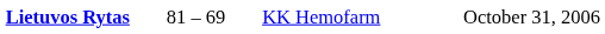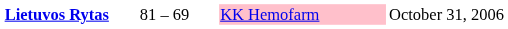 <table style="text-align:center">
 <tr>
 <th width=160></th>
 <th width=100></th>
 <th width=160></th>
 <th width=200></th>
 </tr>
 <tr>
 <td align=right><strong><a href='#'>Lietuvos Rytas</a></strong> </td>
 <td>81 – 69</td>
-<td align=left> <a href='#'>KK Hemofarm</a></td>
+<td align=left style="background: pink;"> <a href='#'>KK Hemofarm</a></td>
 <td align=left>October 31, 2006</td>
 </tr>
 </table>
